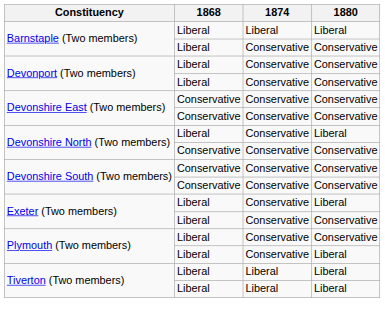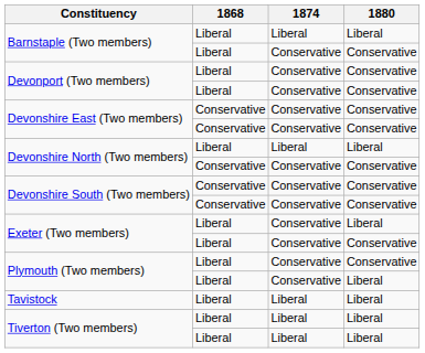 <table class="wikitable">
 <tr>
 <th>Constituency</th>
 <th>1868</th>
 <th>1874</th>
 <th>1880</th>
 </tr>
 <tr>
 <td rowspan="2"><a href='#'>Barnstaple</a> (Two members)</td>
 <td>Liberal</td>
 <td>Liberal</td>
 <td>Liberal</td>
 </tr>
 <tr>
 <td>Liberal</td>
 <td>Conservative</td>
 <td>Conservative</td>
 </tr>
 <tr>
 <td rowspan="2"><a href='#'>Devonport</a> (Two members)</td>
 <td>Liberal</td>
 <td>Conservative</td>
 <td>Conservative</td>
 </tr>
 <tr>
 <td>Liberal</td>
 <td>Conservative</td>
 <td>Conservative</td>
 </tr>
 <tr>
 <td rowspan="2"><a href='#'>Devonshire East</a> (Two members)</td>
 <td>Conservative</td>
 <td>Conservative</td>
 <td>Conservative</td>
 </tr>
 <tr>
 <td>Conservative</td>
 <td>Conservative</td>
 <td>Conservative</td>
 </tr>
 <tr>
 <td rowspan="2"><a href='#'>Devonshire North</a> (Two members)</td>
 <td>Liberal</td>
-<td>Conservative</td>
+<td>Liberal</td>
 <td>Liberal</td>
 </tr>
 <tr>
 <td>Conservative</td>
 <td>Conservative</td>
 <td>Conservative</td>
 </tr>
 <tr>
 <td rowspan="2"><a href='#'>Devonshire South</a> (Two members)</td>
 <td>Conservative</td>
 <td>Conservative</td>
 <td>Conservative</td>
 </tr>
 <tr>
 <td>Conservative</td>
 <td>Conservative</td>
 <td>Conservative</td>
 </tr>
 <tr>
 <td rowspan="2"><a href='#'>Exeter</a> (Two members)</td>
 <td>Liberal</td>
 <td>Conservative</td>
 <td>Liberal</td>
 </tr>
 <tr>
 <td>Liberal</td>
 <td>Conservative</td>
 <td>Conservative</td>
 </tr>
 <tr>
 <td rowspan="2"><a href='#'>Plymouth</a> (Two members)</td>
 <td>Liberal</td>
 <td>Conservative</td>
 <td>Conservative</td>
 </tr>
 <tr>
 <td>Liberal</td>
 <td>Conservative</td>
 <td>Liberal</td>
 </tr>
 <tr>
+<td><a href='#'>Tavistock</a></td>
+<td>Liberal</td>
+<td>Liberal</td>
+<td>Liberal</td>
+</tr>
+<tr>
 <td rowspan="2"><a href='#'>Tiverton</a> (Two members)</td>
 <td>Liberal</td>
 <td>Liberal</td>
 <td>Liberal</td>
 </tr>
 <tr>
 <td>Liberal</td>
 <td>Liberal</td>
 <td>Liberal</td>
 </tr>
 </table>
